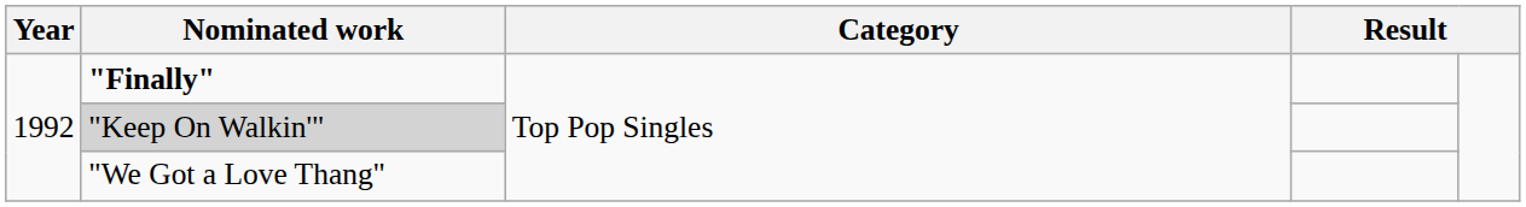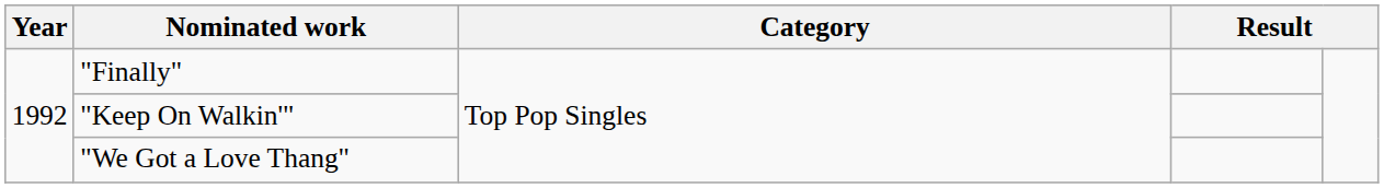 <table class=wikitable>
 <tr>
 <th width=5%>Year</th>
 <th width=28%>Nominated work</th>
 <th width=52%>Category</th>
 <th width=15% colspan=2>Result</th>
 </tr>
 <tr>
 <td rowspan=3>1992</td>
-<td><strong>"Finally"</strong></td>
+<td>"Finally"</td>
 <td rowspan=3>Top Pop Singles</td>
 <td></td>
 <td width=4% align=center rowspan=3></td>
 </tr>
 <tr>
-<td style="background: lightgrey;">"Keep On Walkin'"</td>
+<td>"Keep On Walkin'"</td>
 <td></td>
 </tr>
 <tr>
 <td>"We Got a Love Thang"</td>
 <td></td>
 </tr>
 </table>
